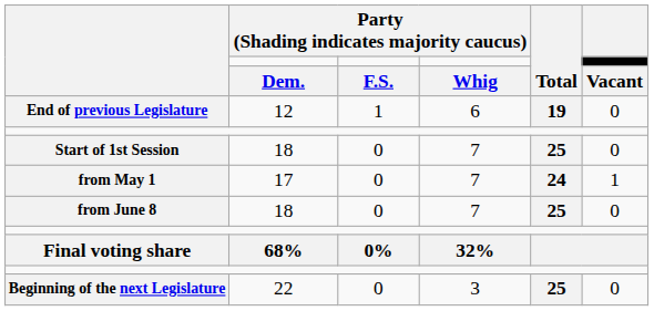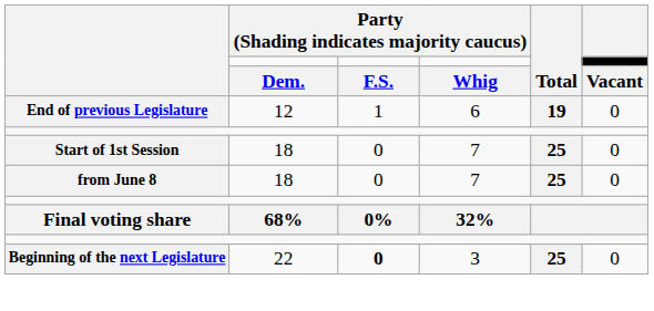 <table class=wikitable style="text-align:center">
 <tr style="vertical-align:bottom;">
 <th rowspan=3></th>
 <th colspan=3>Party <div>(Shading indicates majority caucus)</div></th>
 <th rowspan=3>Total</th>
 <th></th>
 </tr>
 <tr style="height:5px">
 <td style="background-color:"></td>
 <td style="background-color:"></td>
 <td style="background-color:"></td>
 <td style="background:black;"></td>
 </tr>
 <tr>
 <th><a href='#'>Dem.</a></th>
 <th><a href='#'>F.S.</a></th>
 <th><a href='#'>Whig</a></th>
 <th>Vacant</th>
 </tr>
 <tr>
 <th style="font-size:80%;">End of <a href='#'>previous Legislature</a></th>
 <td>12</td>
 <td>1</td>
 <td>6</td>
 <th>19</th>
 <td>0</td>
 </tr>
 <tr>
 <td colspan=6></td>
 </tr>
 <tr>
 <th style="font-size:80%;">Start of 1st Session</th>
 <td>18</td>
 <td>0</td>
 <td>7</td>
 <th>25</th>
 <td>0</td>
 </tr>
 <tr>
-<th style="font-size:80%;">from May 1</th>
-<td>17</td>
-<td>0</td>
-<td>7</td>
-<th>24</th>
-<td>1</td>
-</tr>
-<tr>
 <th style="font-size:80%;">from June 8</th>
 <td>18</td>
 <td>0</td>
 <td>7</td>
 <th>25</th>
 <td>0</td>
 </tr>
 <tr>
 <td colspan=6></td>
 </tr>
 <tr>
 <th>Final voting share</th>
 <th>68%</th>
 <th>0%</th>
 <th>32%</th>
 <th colspan=2></th>
 </tr>
 <tr>
 <td colspan=6></td>
 </tr>
 <tr>
 <th style="font-size:80%;">Beginning of the <a href='#'>next Legislature</a></th>
 <td>22</td>
-<td>0</td>
+<td><strong>0</strong></td>
 <td>3</td>
 <th>25</th>
 <td>0</td>
 </tr>
 </table>
